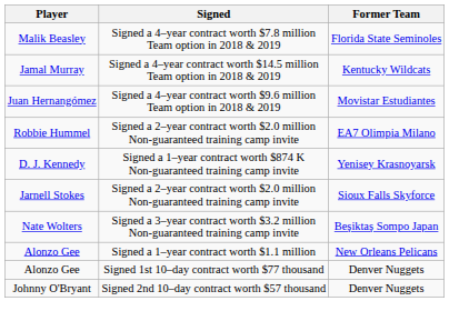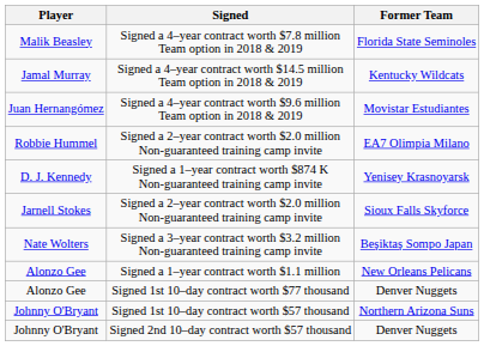 <table class="wikitable sortable sortable">
 <tr>
 <th>Player</th>
 <th>Signed</th>
 <th>Former Team</th>
 </tr>
 <tr style="text-align: center">
 <td><a href='#'>Malik Beasley</a></td>
 <td>Signed a 4–year contract worth $7.8 million<br>Team option in 2018 & 2019</td>
 <td><a href='#'>Florida State Seminoles</a></td>
 </tr>
 <tr style="text-align: center">
 <td><a href='#'>Jamal Murray</a></td>
 <td>Signed a 4–year contract worth $14.5 million<br>Team option in 2018 & 2019</td>
 <td><a href='#'>Kentucky Wildcats</a></td>
 </tr>
 <tr style="text-align: center">
 <td><a href='#'>Juan Hernangómez</a></td>
 <td>Signed a 4–year contract worth $9.6 million<br>Team option in 2018 & 2019</td>
 <td> <a href='#'>Movistar Estudiantes</a></td>
 </tr>
 <tr style="text-align: center">
 <td><a href='#'>Robbie Hummel</a></td>
 <td>Signed a 2–year contract worth $2.0 million<br>Non-guaranteed training camp invite</td>
 <td> <a href='#'>EA7 Olimpia Milano</a></td>
 </tr>
 <tr style="text-align: center">
 <td><a href='#'>D. J. Kennedy</a></td>
 <td>Signed a 1–year contract worth $874 K<br>Non-guaranteed training camp invite</td>
 <td> <a href='#'>Yenisey Krasnoyarsk</a></td>
 </tr>
 <tr style="text-align: center">
 <td><a href='#'>Jarnell Stokes</a></td>
 <td>Signed a 2–year contract worth $2.0 million<br>Non-guaranteed training camp invite</td>
 <td> <a href='#'>Sioux Falls Skyforce</a></td>
 </tr>
 <tr style="text-align: center">
 <td><a href='#'>Nate Wolters</a></td>
 <td>Signed a 3–year contract worth $3.2 million<br>Non-guaranteed training camp invite</td>
 <td> <a href='#'>Beşiktaş Sompo Japan</a></td>
 </tr>
 <tr style="text-align: center">
 <td><a href='#'>Alonzo Gee</a></td>
 <td>Signed a 1–year contract worth $1.1 million</td>
 <td><a href='#'>New Orleans Pelicans</a></td>
 </tr>
 <tr style="text-align: center">
 <td>Alonzo Gee</td>
 <td>Signed 1st 10–day contract worth $77 thousand</td>
 <td>Denver Nuggets</td>
 </tr>
 <tr style="text-align: center">
+<td><a href='#'>Johnny O'Bryant</a></td>
+<td>Signed 1st 10–day contract worth $57 thousand</td>
+<td> <a href='#'>Northern Arizona Suns</a></td>
+</tr>
+<tr style="text-align: center">
 <td>Johnny O'Bryant</td>
 <td>Signed 2nd 10–day contract worth $57 thousand</td>
 <td>Denver Nuggets</td>
 </tr>
 </table>
